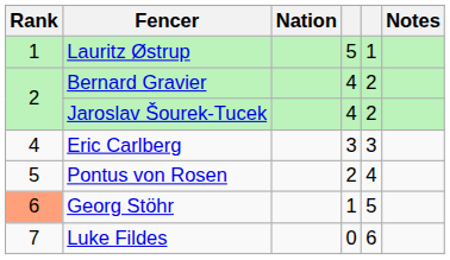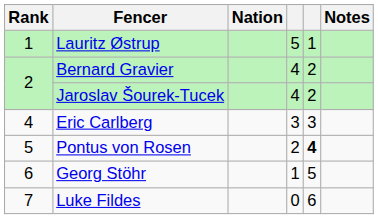 <table class="wikitable sortable" style="text-align:center">
 <tr>
 <th>Rank</th>
 <th>Fencer</th>
 <th>Nation</th>
 <th></th>
 <th></th>
 <th>Notes</th>
 </tr>
 <tr bgcolor=bbf3bb>
 <td>1</td>
 <td align=left><a href='#'>Lauritz Østrup</a></td>
 <td align=left></td>
 <td>5</td>
 <td>1</td>
 <td></td>
 </tr>
 <tr bgcolor=bbf3bb>
 <td rowspan=2>2</td>
 <td align=left><a href='#'>Bernard Gravier</a></td>
 <td align=left></td>
 <td>4</td>
 <td>2</td>
 <td></td>
 </tr>
 <tr bgcolor=bbf3bb>
 <td align=left><a href='#'>Jaroslav Šourek-Tucek</a></td>
 <td align=left></td>
 <td>4</td>
 <td>2</td>
 <td></td>
 </tr>
 <tr>
 <td>4</td>
 <td align=left><a href='#'>Eric Carlberg</a></td>
 <td align=left></td>
 <td>3</td>
 <td>3</td>
 <td></td>
 </tr>
 <tr>
 <td>5</td>
 <td align=left><a href='#'>Pontus von Rosen</a></td>
 <td align=left></td>
 <td>2</td>
-<td>4</td>
+<td><strong>4</strong></td>
 <td></td>
 </tr>
 <tr>
-<td style="background: lightsalmon;">6</td>
+<td>6</td>
 <td align=left><a href='#'>Georg Stöhr</a></td>
 <td align=left></td>
 <td>1</td>
 <td>5</td>
 <td></td>
 </tr>
 <tr>
 <td>7</td>
 <td align=left><a href='#'>Luke Fildes</a></td>
 <td align=left></td>
 <td>0</td>
 <td>6</td>
 <td></td>
 </tr>
 </table>
